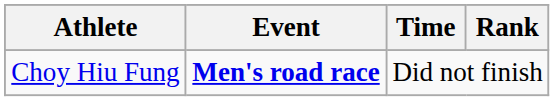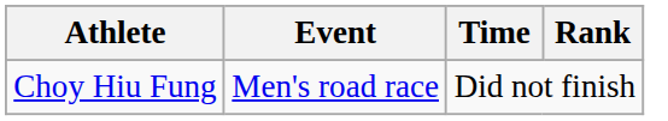 <table class=wikitable style=font-size:90%;text-align:center>
 <tr>
 <th>Athlete</th>
 <th>Event</th>
 <th>Time</th>
 <th>Rank</th>
 </tr>
 <tr>
 <td align=left><a href='#'>Choy Hiu Fung</a></td>
-<td align=rite><strong><a href='#'>Men's road race</a></strong></td>
+<td align=rite><a href='#'>Men's road race</a></td>
 <td colspan=2>Did not finish</td>
 </tr>
 </table>
